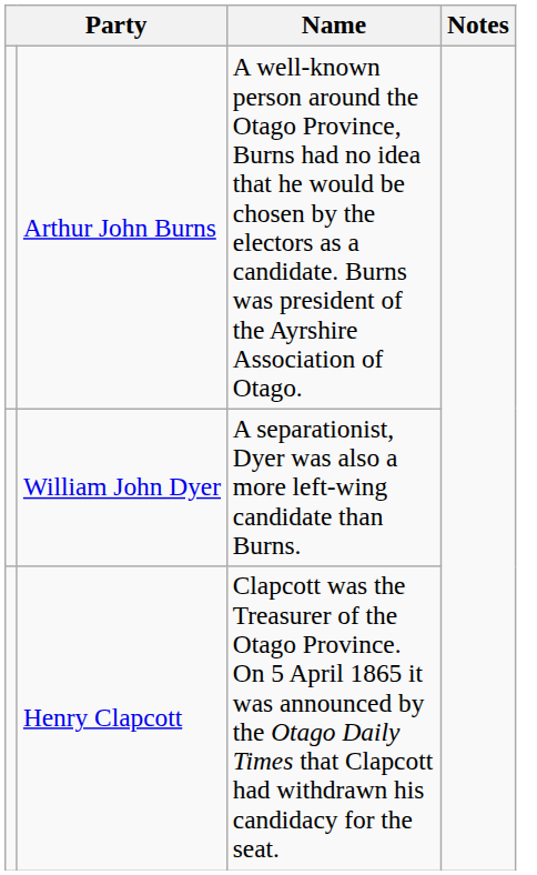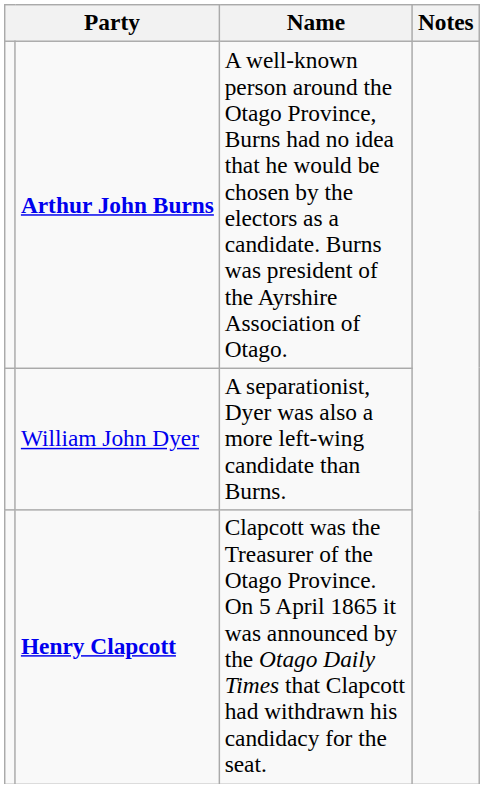 <table class=wikitable>
 <tr>
 <th colspan=2>Party</th>
 <th width=125>Name</th>
 <th>Notes</th>
 </tr>
 <tr>
 <td></td>
-<td><a href='#'>Arthur John Burns</a></td>
+<td><strong><a href='#'>Arthur John Burns</a></strong></td>
 <td>A well-known person around the Otago Province, Burns had no idea that he would be chosen by the electors as a candidate. Burns was president of the Ayrshire Association of Otago.</td>
 </tr>
 <tr>
 <td></td>
 <td><a href='#'>William John Dyer</a></td>
 <td>A separationist, Dyer was also a more left-wing candidate than Burns.</td>
 </tr>
 <tr>
 <td></td>
-<td><a href='#'>Henry Clapcott</a></td>
+<td><strong><a href='#'>Henry Clapcott</a></strong></td>
 <td>Clapcott was the Treasurer of the Otago Province. On 5 April 1865 it was announced by the <em>Otago Daily Times</em> that Clapcott had withdrawn his candidacy for the seat.</td>
 </tr>
 </table>
